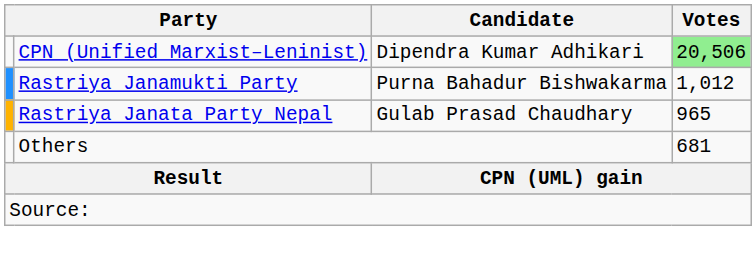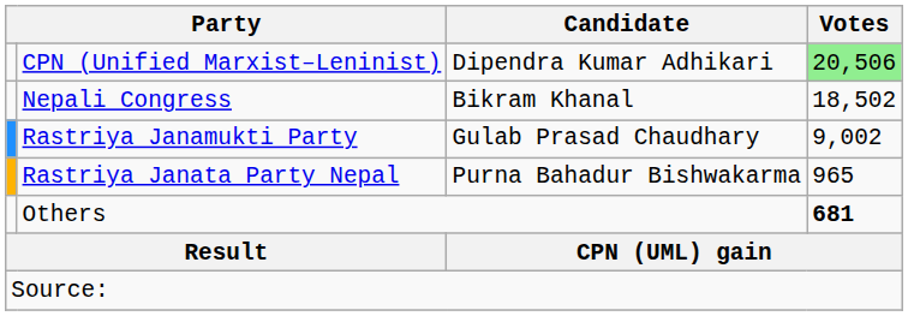 <table class="wikitable">
 <tr>
 <th colspan="2">Party</th>
 <th>Candidate</th>
 <th>Votes</th>
 </tr>
 <tr>
 <td style="background-color:"></td>
 <td><a href='#'>CPN (Unified Marxist–Leninist)</a></td>
 <td>Dipendra Kumar Adhikari</td>
 <td style="background: lightgreen;">20,506</td>
 </tr>
 <tr>
+<td style="background-color:"></td>
+<td><a href='#'>Nepali Congress</a></td>
+<td>Bikram Khanal</td>
+<td>18,502</td>
+</tr>
+<tr>
 <td style="background-color:dodgerblue"></td>
 <td><a href='#'>Rastriya Janamukti Party</a></td>
-<td>Purna Bahadur Bishwakarma</td>
-<td>1,012</td>
+<td>Gulab Prasad Chaudhary</td>
+<td>9,002</td>
 </tr>
 <tr>
 <td style="background-color:#FFb300"></td>
 <td><a href='#'>Rastriya Janata Party Nepal</a></td>
-<td>Gulab Prasad Chaudhary</td>
+<td>Purna Bahadur Bishwakarma</td>
 <td>965</td>
 </tr>
 <tr>
 <td></td>
 <td colspan="2">Others</td>
-<td>681</td>
+<td><strong>681</strong></td>
 </tr>
 <tr>
 <th colspan="2">Result</th>
 <th colspan="2">CPN (UML) gain</th>
 </tr>
 <tr>
 <td colspan="4">Source: </td>
 </tr>
 </table>
